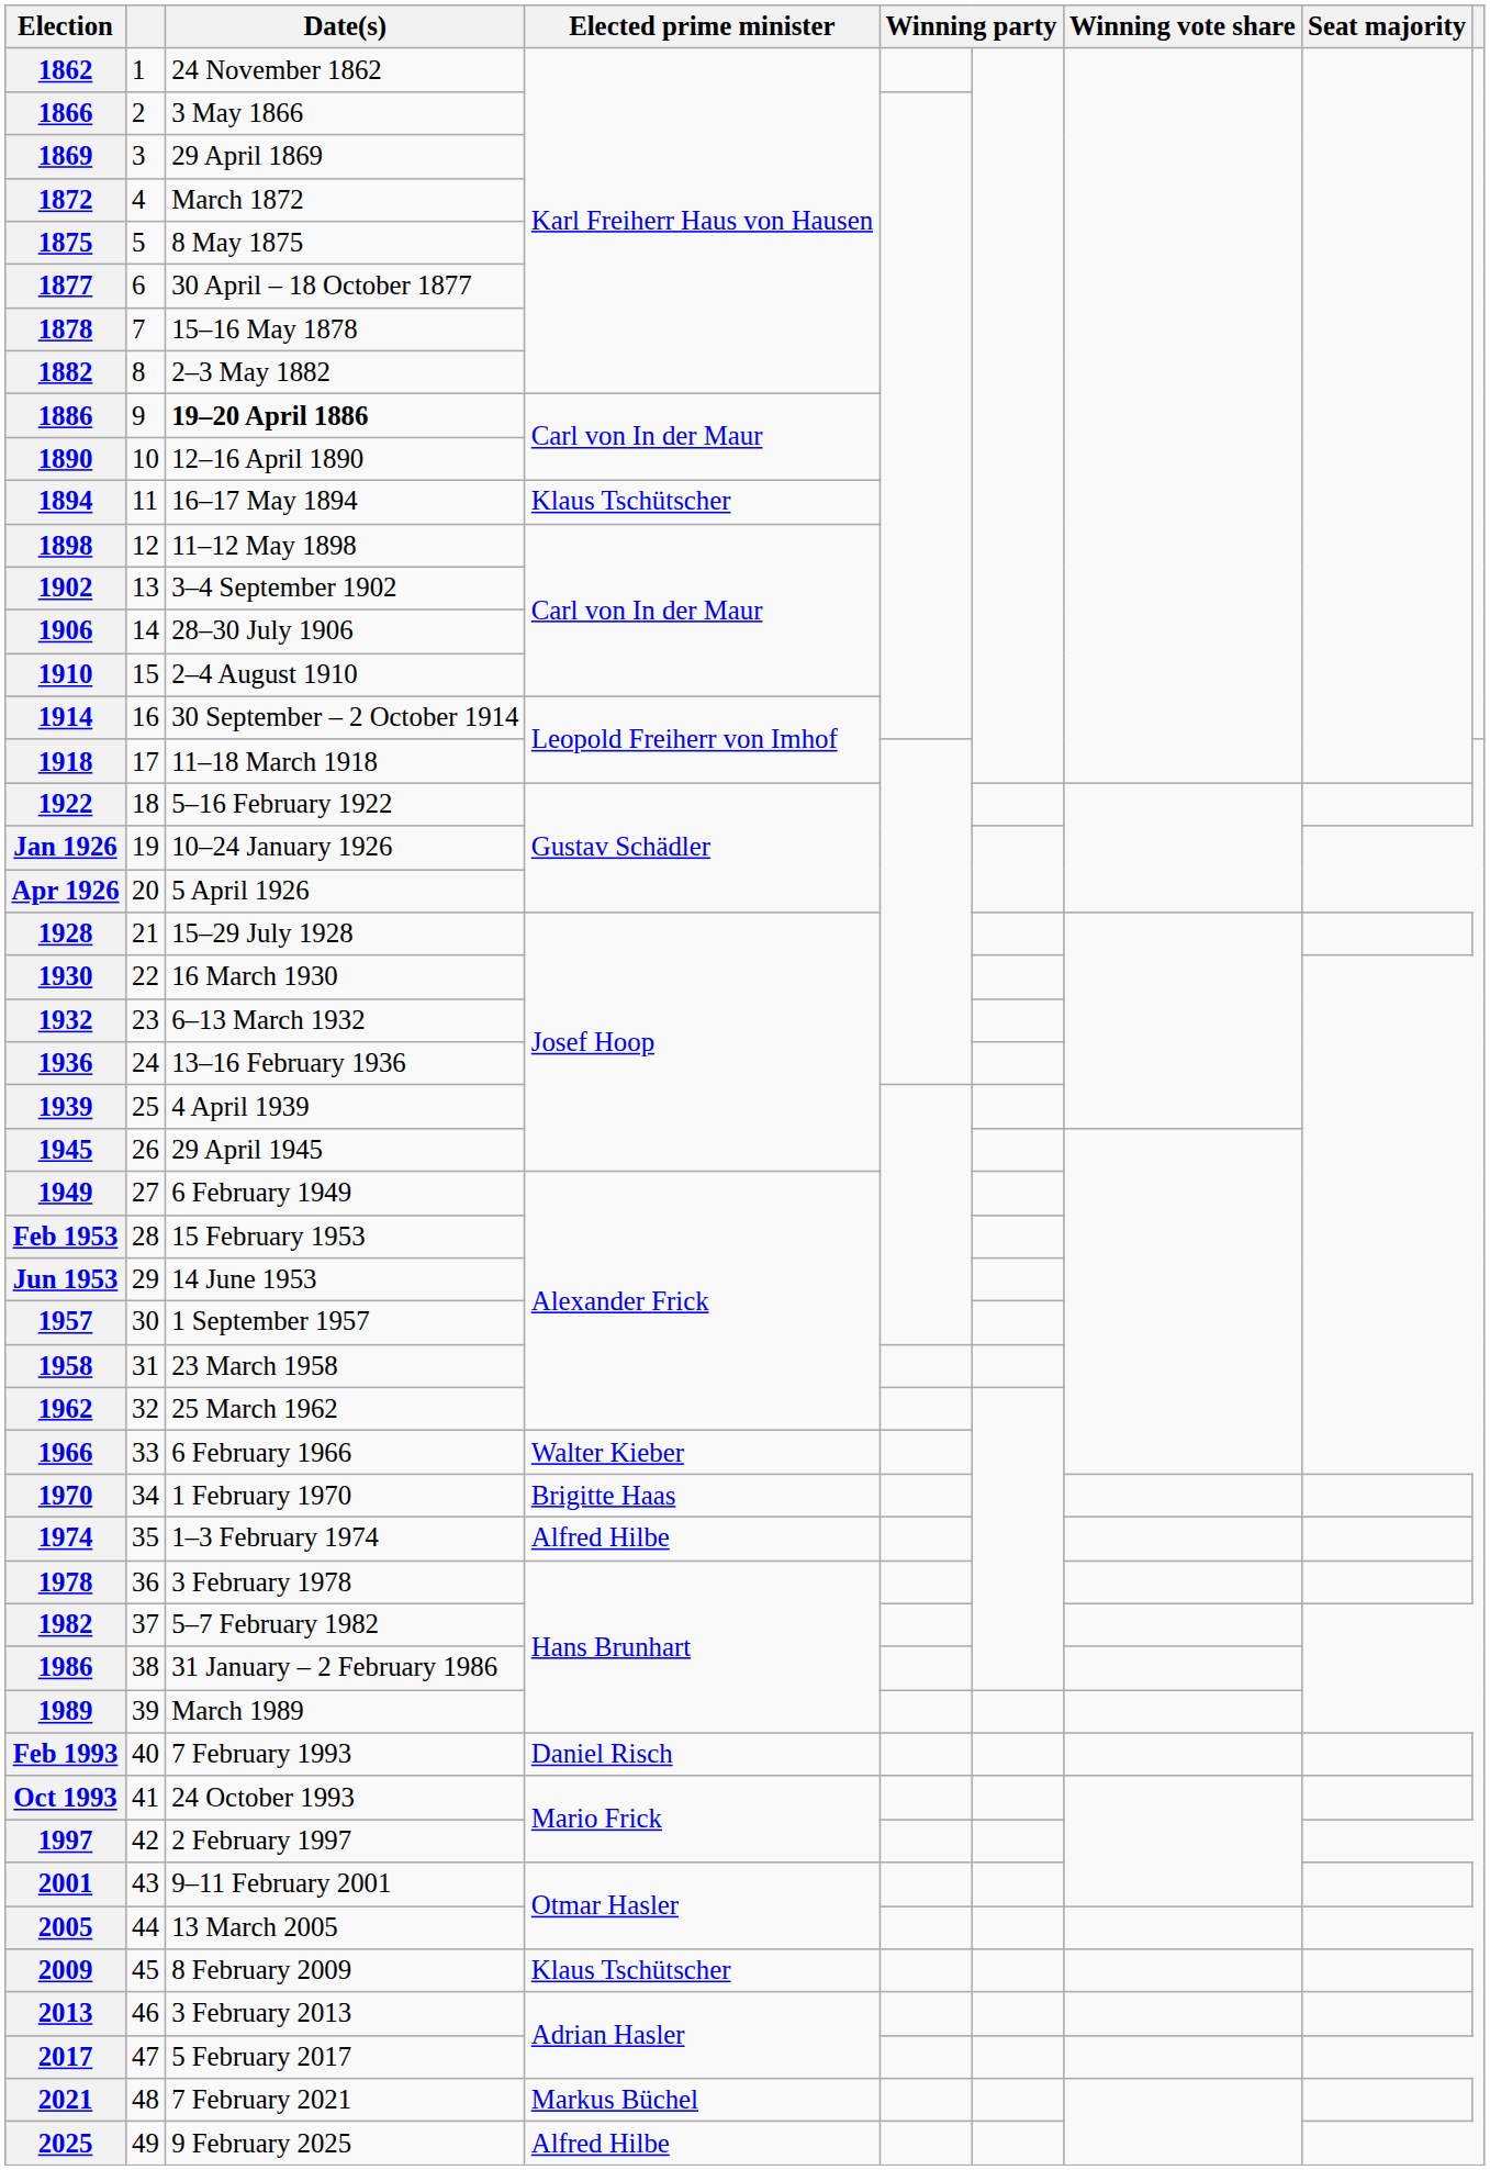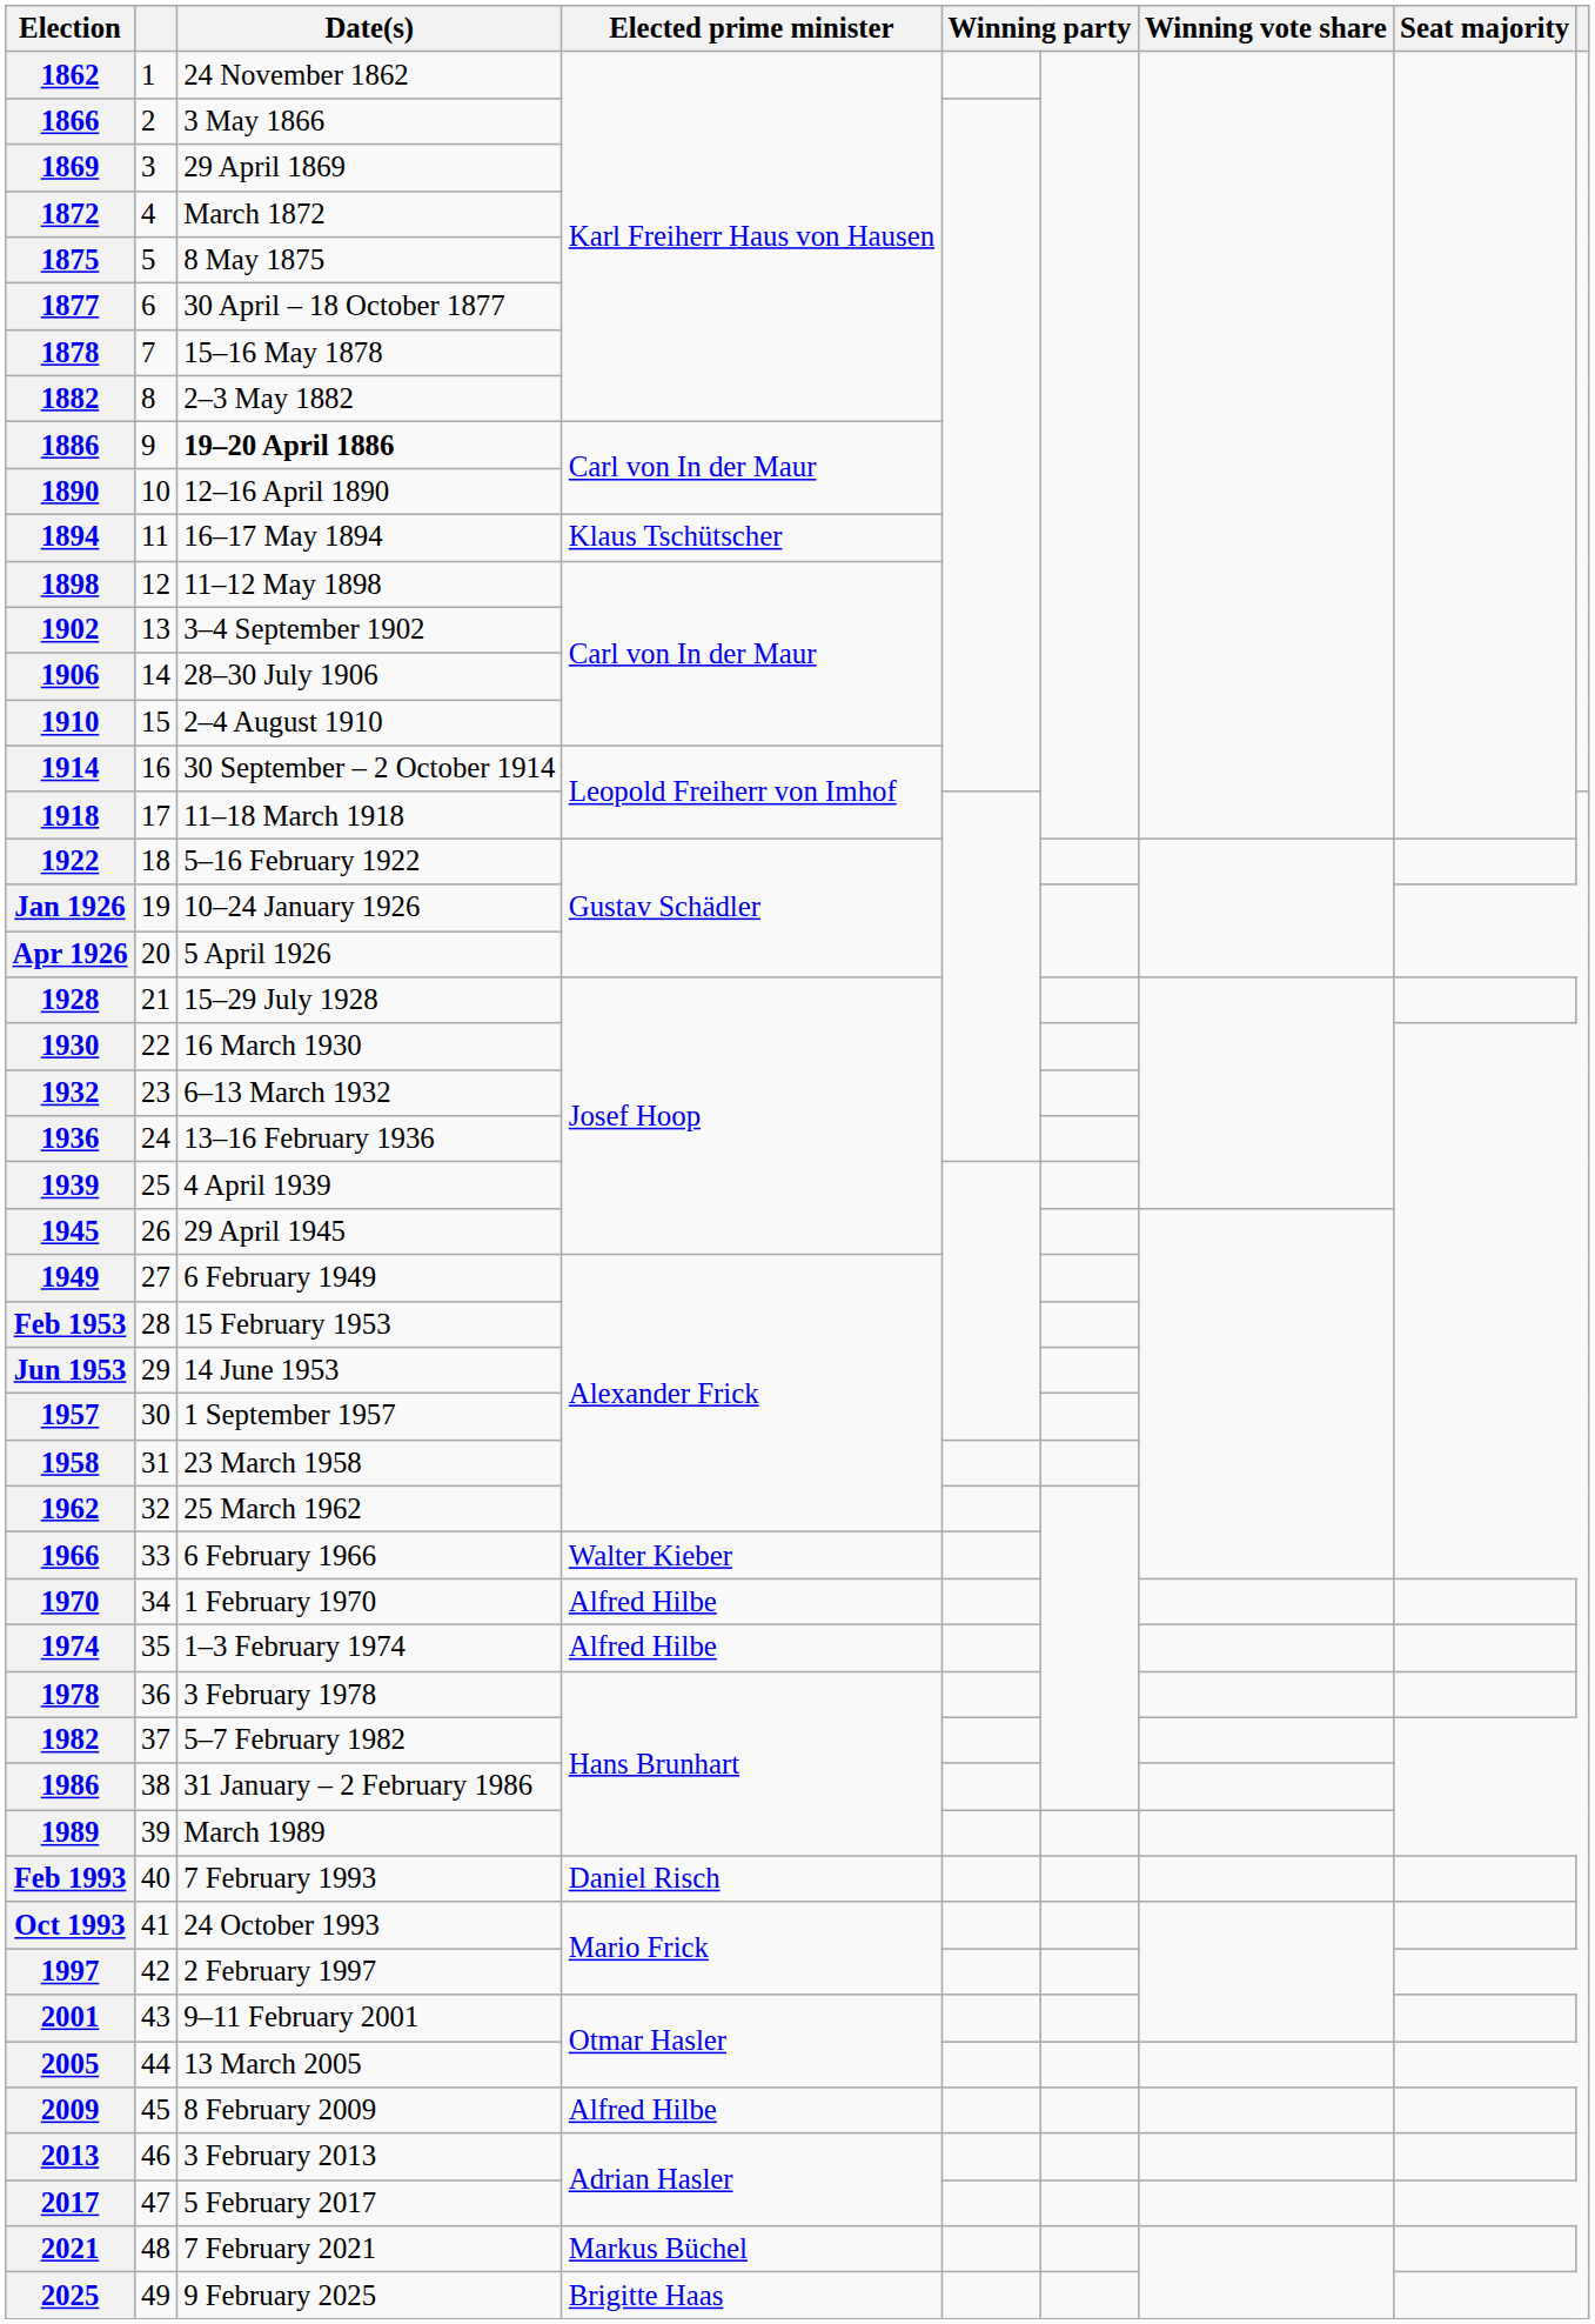 <table class="wikitable">
 <tr>
 <th scope=col>Election</th>
 <th scope=col></th>
 <th scope=col>Date(s)</th>
 <th scope=col>Elected prime minister</th>
 <th scope=colgroup colspan=2>Winning party</th>
 <th scope=col>Winning vote share</th>
 <th scope=col>Seat majority</th>
 <th scope=col></th>
 </tr>
 <tr>
 <th scope=row><a href='#'>1862</a></th>
 <td>1</td>
 <td>24 November 1862</td>
 <td rowspan="8"><a href='#'>Karl Freiherr Haus von Hausen</a></td>
 <td style="background:"></td>
 <td rowspan="17"></td>
 <td rowspan="17"></td>
 <td rowspan="17"></td>
 <td rowspan="16"><br></td>
 </tr>
 <tr>
 <th scope=row><a href='#'>1866</a></th>
 <td>2</td>
 <td>3 May 1866</td>
 </tr>
 <tr>
 <th scope=row><a href='#'>1869</a></th>
 <td>3</td>
 <td>29 April 1869</td>
 </tr>
 <tr>
 <th scope=row><a href='#'>1872</a></th>
 <td>4</td>
 <td>March 1872</td>
 </tr>
 <tr>
 <th scope=row><a href='#'>1875</a></th>
 <td>5</td>
 <td>8 May 1875</td>
 </tr>
 <tr>
 <th scope=row><a href='#'>1877</a></th>
 <td>6</td>
 <td>30 April – 18 October 1877</td>
 </tr>
 <tr>
 <th scope=row><a href='#'>1878</a></th>
 <td>7</td>
 <td>15–16 May 1878</td>
 </tr>
 <tr>
 <th scope=row><a href='#'>1882</a></th>
 <td>8</td>
 <td>2–3 May 1882</td>
 </tr>
 <tr>
 <th scope=row><a href='#'>1886</a></th>
 <td>9</td>
 <td><strong>19–20 April 1886</strong></td>
 <td rowspan="2"><a href='#'>Carl von In der Maur</a></td>
 </tr>
 <tr>
 <th scope=row><a href='#'>1890</a></th>
 <td>10</td>
 <td>12–16 April 1890</td>
 </tr>
 <tr>
 <th scope=row><a href='#'>1894</a></th>
 <td>11</td>
 <td>16–17 May 1894</td>
 <td><a href='#'>Klaus Tschütscher</a></td>
 </tr>
 <tr>
 <th scope=row><a href='#'>1898</a></th>
 <td>12</td>
 <td>11–12 May 1898</td>
 <td rowspan="4"><a href='#'>Carl von In der Maur</a></td>
 </tr>
 <tr>
 <th scope=row><a href='#'>1902</a></th>
 <td>13</td>
 <td>3–4 September 1902</td>
 </tr>
 <tr>
 <th scope=row><a href='#'>1906</a></th>
 <td>14</td>
 <td>28–30 July 1906</td>
 </tr>
 <tr>
 <th scope=row><a href='#'>1910</a></th>
 <td>15</td>
 <td>2–4 August 1910</td>
 </tr>
 <tr>
 <th scope=row><a href='#'>1914</a></th>
 <td>16</td>
 <td>30 September – 2 October 1914</td>
 <td rowspan="2"><a href='#'>Leopold Freiherr von Imhof</a></td>
 </tr>
 <tr>
 <th scope=row><a href='#'>1918</a></th>
 <td>17</td>
 <td>11–18 March 1918</td>
 <td rowspan="8"></td>
 </tr>
 <tr>
 <th scope=row><a href='#'>1922</a></th>
 <td>18</td>
 <td>5–16 February 1922</td>
 <td rowspan="3"><a href='#'>Gustav Schädler</a></td>
 <td></td>
 <td rowspan="3"></td>
 <td></td>
 </tr>
 <tr>
 <th scope=row><a href='#'>Jan 1926</a></th>
 <td>19</td>
 <td>10–24 January 1926</td>
 <td rowspan="2"></td>
 </tr>
 <tr>
 <th scope=row><a href='#'>Apr 1926</a></th>
 <td>20</td>
 <td>5 April 1926</td>
 </tr>
 <tr>
 <th scope=row><a href='#'>1928</a></th>
 <td>21</td>
 <td>15–29 July 1928</td>
 <td rowspan="6"><a href='#'>Josef Hoop</a></td>
 <td></td>
 <td rowspan="5"></td>
 <td></td>
 </tr>
 <tr>
 <th scope=row><a href='#'>1930</a></th>
 <td>22</td>
 <td>16 March 1930</td>
 <td></td>
 </tr>
 <tr>
 <th scope=row><a href='#'>1932</a></th>
 <td>23</td>
 <td>6–13 March 1932</td>
 <td></td>
 </tr>
 <tr>
 <th scope=row><a href='#'>1936</a></th>
 <td>24</td>
 <td>13–16 February 1936</td>
 <td></td>
 </tr>
 <tr>
 <th scope=row><a href='#'>1939</a></th>
 <td>25</td>
 <td>4 April 1939</td>
 <td rowspan="6"></td>
 <td></td>
 </tr>
 <tr>
 <th scope=row><a href='#'>1945</a></th>
 <td>26</td>
 <td>29 April 1945</td>
 <td></td>
 <td rowspan="8"></td>
 </tr>
 <tr>
 <th><a href='#'>1949</a></th>
 <td>27</td>
 <td>6 February 1949</td>
 <td rowspan="6"><a href='#'>Alexander Frick</a></td>
 <td></td>
 </tr>
 <tr>
 <th><a href='#'>Feb 1953</a></th>
 <td>28</td>
 <td>15 February 1953</td>
 <td></td>
 </tr>
 <tr>
 <th><a href='#'>Jun 1953</a></th>
 <td>29</td>
 <td>14 June 1953</td>
 <td></td>
 </tr>
 <tr>
 <th><a href='#'>1957</a></th>
 <td>30</td>
 <td>1 September 1957</td>
 <td></td>
 </tr>
 <tr>
 <th><a href='#'>1958</a></th>
 <td>31</td>
 <td>23 March 1958</td>
 <td></td>
 <td></td>
 </tr>
 <tr>
 <th><a href='#'>1962</a></th>
 <td>32</td>
 <td>25 March 1962</td>
 <td></td>
 <td rowspan="7"></td>
 </tr>
 <tr>
 <th><a href='#'>1966</a></th>
 <td>33</td>
 <td>6 February 1966</td>
 <td><a href='#'>Walter Kieber</a></td>
 <td></td>
 </tr>
 <tr>
 <th><a href='#'>1970</a></th>
 <td>34</td>
 <td>1 February 1970</td>
-<td><a href='#'>Brigitte Haas</a></td>
+<td><a href='#'>Alfred Hilbe</a></td>
 <td></td>
 <td></td>
 <td></td>
 </tr>
 <tr>
 <th><a href='#'>1974</a></th>
 <td>35</td>
 <td>1–3 February 1974</td>
 <td><a href='#'>Alfred Hilbe</a></td>
 <td></td>
 <td></td>
 <td></td>
 </tr>
 <tr>
 <th><a href='#'>1978</a></th>
 <td>36</td>
 <td>3 February 1978</td>
 <td rowspan="4"><a href='#'>Hans Brunhart</a></td>
 <td></td>
 <td></td>
 <td></td>
 </tr>
 <tr>
 <th><a href='#'>1982</a></th>
 <td>37</td>
 <td>5–7 February 1982</td>
 <td></td>
 <td></td>
 </tr>
 <tr>
 <th><a href='#'>1986</a></th>
 <td>38</td>
 <td>31 January – 2 February 1986</td>
 <td></td>
 <td></td>
 </tr>
 <tr>
 <th><a href='#'>1989</a></th>
 <td>39</td>
 <td>March 1989</td>
 <td></td>
 <td></td>
 <td></td>
 </tr>
 <tr>
 <th><a href='#'>Feb 1993</a></th>
 <td>40</td>
 <td>7 February 1993</td>
 <td><a href='#'>Daniel Risch</a></td>
 <td></td>
 <td></td>
 <td></td>
 <td></td>
 </tr>
 <tr>
 <th><a href='#'>Oct 1993</a></th>
 <td>41</td>
 <td>24 October 1993</td>
 <td rowspan="2"><a href='#'>Mario Frick</a></td>
 <td></td>
 <td></td>
 <td rowspan="3"></td>
 <td></td>
 </tr>
 <tr>
 <th><a href='#'>1997</a></th>
 <td>42</td>
 <td>2 February 1997</td>
 <td></td>
 <td></td>
 </tr>
 <tr>
 <th><a href='#'>2001</a></th>
 <td>43</td>
 <td>9–11 February 2001</td>
 <td rowspan="2"><a href='#'>Otmar Hasler</a></td>
 <td></td>
 <td></td>
 <td></td>
 </tr>
 <tr>
 <th><a href='#'>2005</a></th>
 <td>44</td>
 <td>13 March 2005</td>
 <td></td>
 <td></td>
 <td></td>
 </tr>
 <tr>
 <th><a href='#'>2009</a></th>
 <td>45</td>
 <td>8 February 2009</td>
-<td><a href='#'>Klaus Tschütscher</a></td>
+<td><a href='#'>Alfred Hilbe</a></td>
 <td></td>
 <td></td>
 <td></td>
 <td></td>
 </tr>
 <tr>
 <th><a href='#'>2013</a></th>
 <td>46</td>
 <td>3 February 2013</td>
 <td rowspan="2"><a href='#'>Adrian Hasler</a></td>
 <td></td>
 <td></td>
 <td></td>
 <td></td>
 </tr>
 <tr>
 <th><a href='#'>2017</a></th>
 <td>47</td>
 <td>5 February 2017</td>
 <td></td>
 <td></td>
 <td></td>
 </tr>
 <tr>
 <th><a href='#'>2021</a></th>
 <td>48</td>
 <td>7 February 2021</td>
 <td><a href='#'>Markus Büchel</a></td>
 <td></td>
 <td></td>
 <td rowspan="2"></td>
 <td></td>
 </tr>
 <tr>
 <th><a href='#'>2025</a></th>
 <td>49</td>
 <td>9 February 2025</td>
-<td><a href='#'>Alfred Hilbe</a></td>
+<td><a href='#'>Brigitte Haas</a></td>
 <td></td>
 <td></td>
 </tr>
 </table>
